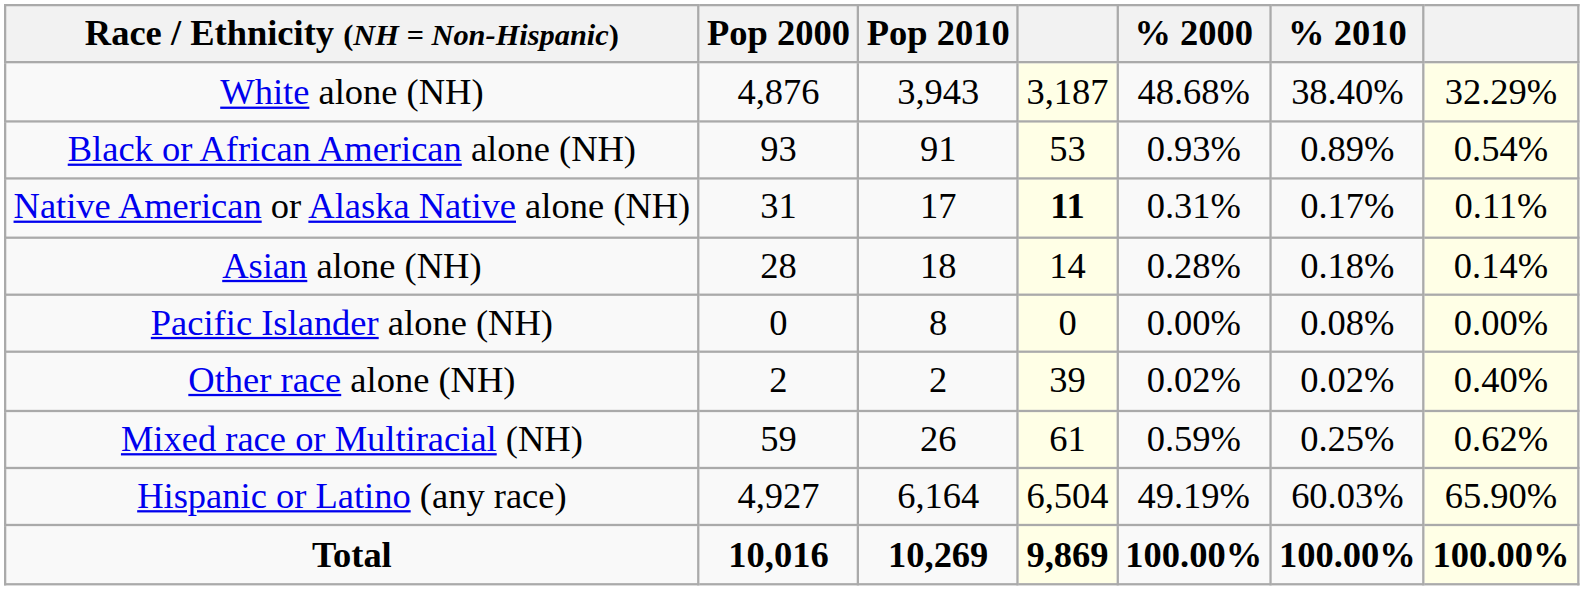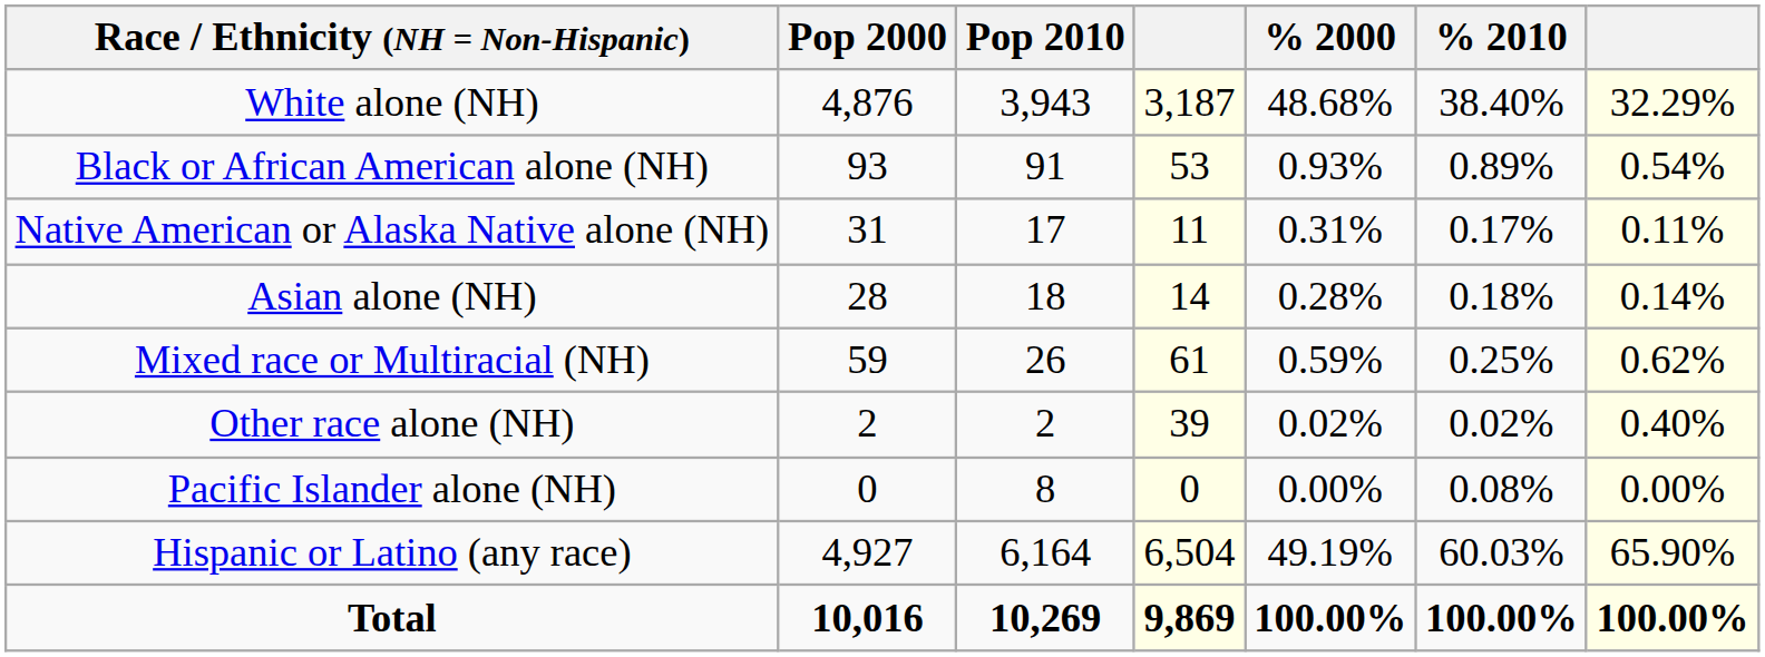 <table class="wikitable"style="text-align:center;">
 <tr>
 <th>Race / Ethnicity <small>(<em>NH = Non-Hispanic</em>)</small></th>
 <th>Pop 2000</th>
 <th>Pop 2010</th>
 <th></th>
 <th>% 2000</th>
 <th>% 2010</th>
 <th></th>
 </tr>
 <tr>
 <td><a href='#'>White</a> alone (NH)</td>
 <td>4,876</td>
 <td>3,943</td>
 <td style='background: #ffffe6;'>3,187</td>
 <td>48.68%</td>
 <td>38.40%</td>
 <td style='background: #ffffe6;'>32.29%</td>
 </tr>
 <tr>
 <td><a href='#'>Black or African American</a> alone (NH)</td>
 <td>93</td>
 <td>91</td>
 <td style='background: #ffffe6;'>53</td>
 <td>0.93%</td>
 <td>0.89%</td>
 <td style='background: #ffffe6;'>0.54%</td>
 </tr>
 <tr>
 <td><a href='#'>Native American</a> or <a href='#'>Alaska Native</a> alone (NH)</td>
 <td>31</td>
 <td>17</td>
-<td style='background: #ffffe6;'><strong>11</strong></td>
+<td style='background: #ffffe6;'>11</td>
 <td>0.31%</td>
 <td>0.17%</td>
 <td style='background: #ffffe6;'>0.11%</td>
 </tr>
 <tr>
 <td><a href='#'>Asian</a> alone (NH)</td>
 <td>28</td>
 <td>18</td>
 <td style='background: #ffffe6;'>14</td>
 <td>0.28%</td>
 <td>0.18%</td>
 <td style='background: #ffffe6;'>0.14%</td>
 </tr>
 <tr>
-<td><a href='#'>Pacific Islander</a> alone (NH)</td>
-<td>0</td>
-<td>8</td>
-<td style='background: #ffffe6;'>0</td>
-<td>0.00%</td>
-<td>0.08%</td>
-<td style='background: #ffffe6;'>0.00%</td>
+<td><a href='#'>Mixed race or Multiracial</a> (NH)</td>
+<td>59</td>
+<td>26</td>
+<td style='background: #ffffe6;'>61</td>
+<td>0.59%</td>
+<td>0.25%</td>
+<td style='background: #ffffe6;'>0.62%</td>
 </tr>
 <tr>
 <td><a href='#'>Other race</a> alone (NH)</td>
 <td>2</td>
 <td>2</td>
 <td style='background: #ffffe6;'>39</td>
 <td>0.02%</td>
 <td>0.02%</td>
 <td style='background: #ffffe6;'>0.40%</td>
 </tr>
 <tr>
-<td><a href='#'>Mixed race or Multiracial</a> (NH)</td>
-<td>59</td>
-<td>26</td>
-<td style='background: #ffffe6;'>61</td>
-<td>0.59%</td>
-<td>0.25%</td>
-<td style='background: #ffffe6;'>0.62%</td>
+<td><a href='#'>Pacific Islander</a> alone (NH)</td>
+<td>0</td>
+<td>8</td>
+<td style='background: #ffffe6;'>0</td>
+<td>0.00%</td>
+<td>0.08%</td>
+<td style='background: #ffffe6;'>0.00%</td>
 </tr>
 <tr>
 <td><a href='#'>Hispanic or Latino</a> (any race)</td>
 <td>4,927</td>
 <td>6,164</td>
 <td style='background: #ffffe6;'>6,504</td>
 <td>49.19%</td>
 <td>60.03%</td>
 <td style='background: #ffffe6;'>65.90%</td>
 </tr>
 <tr>
 <td><strong>Total</strong></td>
 <td><strong>10,016</strong></td>
 <td><strong>10,269</strong></td>
 <td style='background: #ffffe6;'><strong>9,869</strong></td>
 <td><strong>100.00%</strong></td>
 <td><strong>100.00%</strong></td>
 <td style='background: #ffffe6;'><strong>100.00%</strong></td>
 </tr>
 </table>
